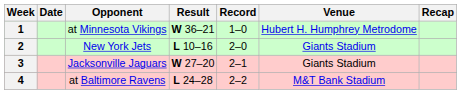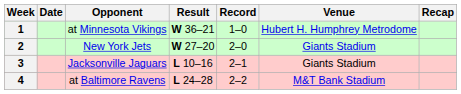 <table class="wikitable" style="text-align:center">
 <tr>
 <th>Week</th>
 <th>Date</th>
 <th>Opponent</th>
 <th>Result</th>
 <th>Record</th>
 <th>Venue</th>
 <th>Recap</th>
 </tr>
 <tr style="background:#cfc">
 <th>1</th>
 <td></td>
 <td>at <a href='#'>Minnesota Vikings</a></td>
 <td><strong>W</strong> 36–21</td>
 <td>1–0</td>
 <td><a href='#'>Hubert H. Humphrey Metrodome</a></td>
 <td></td>
 </tr>
 <tr style="background:#cfc">
 <th>2</th>
 <td></td>
 <td><a href='#'>New York Jets</a></td>
-<td><strong>L</strong> 10–16</td>
+<td><strong>W</strong> 27–20</td>
 <td>2–0</td>
 <td><a href='#'>Giants Stadium</a></td>
 <td></td>
 </tr>
 <tr style="background:#fcc">
 <th>3</th>
 <td></td>
 <td><a href='#'>Jacksonville Jaguars</a></td>
-<td><strong>W</strong> 27–20</td>
+<td><strong>L</strong> 10–16</td>
 <td>2–1</td>
 <td>Giants Stadium</td>
 <td></td>
 </tr>
 <tr style="background:#fcc">
 <th>4</th>
 <td></td>
 <td>at <a href='#'>Baltimore Ravens</a></td>
 <td><strong>L</strong> 24–28</td>
 <td>2–2</td>
 <td><a href='#'>M&T Bank Stadium</a></td>
 <td></td>
 </tr>
 </table>
